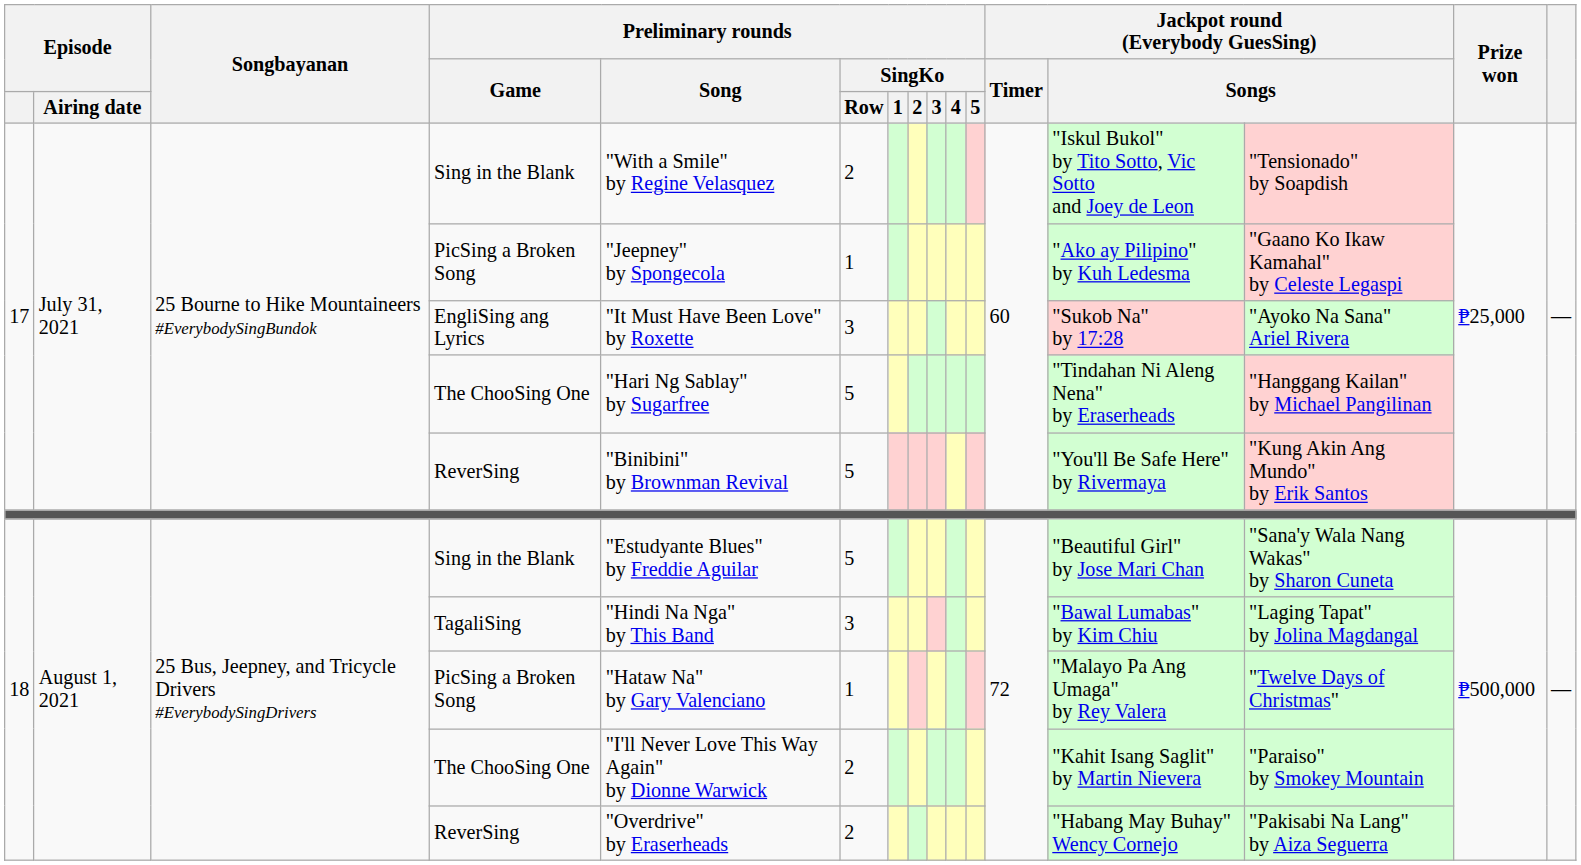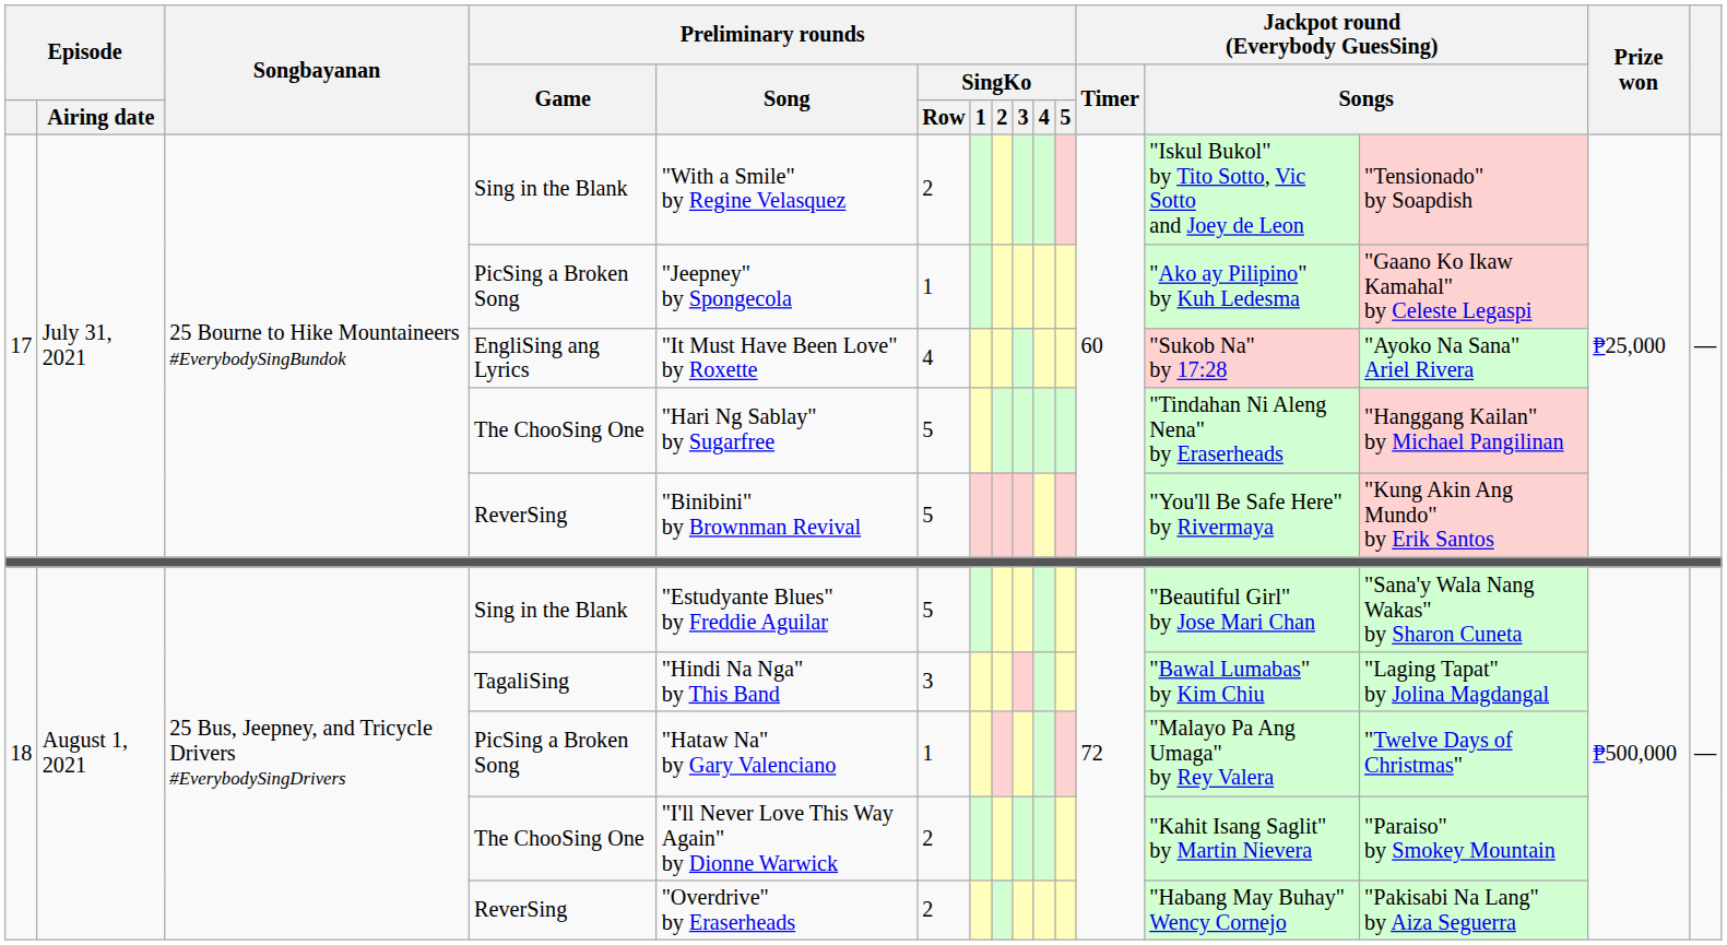 <table class="wikitable plainrowheaders mw-collapsible ">
 <tr>
 <th colspan="2" rowspan="2">Episode</th>
 <th rowspan="3">Songbayanan</th>
 <th colspan="8">Preliminary rounds</th>
 <th colspan="3">Jackpot round<br>(Everybody GuesSing)</th>
 <th rowspan="3">Prize won</th>
 <th rowspan="3"></th>
 </tr>
 <tr>
 <th rowspan="2">Game</th>
 <th rowspan="2">Song</th>
 <th colspan="6">SingKo</th>
 <th rowspan="2">Timer</th>
 <th colspan="2" rowspan="2">Songs</th>
 </tr>
 <tr>
 <th></th>
 <th>Airing date</th>
 <th>Row</th>
 <th>1</th>
 <th>2</th>
 <th>3</th>
 <th>4</th>
 <th>5</th>
 </tr>
 <tr>
 <td rowspan="5">17</td>
 <td rowspan="5">July 31, 2021</td>
 <td rowspan="5">25 Bourne to Hike Mountaineers<br><small><em>#EverybodySingBundok</em></small></td>
 <td>Sing in the Blank</td>
 <td>"With a Smile"<br>by <a href='#'>Regine Velasquez</a></td>
 <td>2</td>
 <td style="background:#D2FFD2"></td>
 <td style="background:#FFB"></td>
 <td style="background:#D2FFD2"></td>
 <td style="background:#D2FFD2"></td>
 <td style="background:#FFD2D2"></td>
 <td rowspan="5">60 </td>
 <td style="background:#D2FFD2">"Iskul Bukol"<br>by <a href='#'>Tito Sotto</a>, <a href='#'>Vic Sotto</a><br> and <a href='#'>Joey de Leon</a></td>
 <td style="background:#FFD2D2">"Tensionado"<br>by Soapdish</td>
 <td rowspan="5"><a href='#'>₱</a>25,000</td>
 <td rowspan="5">—</td>
 </tr>
 <tr>
 <td>PicSing a Broken Song</td>
 <td>"Jeepney"<br>by <a href='#'>Spongecola</a></td>
 <td>1</td>
 <td style="background:#D2FFD2"></td>
 <td style="background:#FFB"></td>
 <td style="background:#FFB"></td>
 <td style="background:#FFB"></td>
 <td style="background:#FFB"></td>
 <td style="background:#D2FFD2">"<a href='#'>Ako ay Pilipino</a>"<br>by <a href='#'>Kuh Ledesma</a></td>
 <td style="background:#FFD2D2">"Gaano Ko Ikaw Kamahal"<br>by <a href='#'>Celeste Legaspi</a></td>
 </tr>
 <tr>
 <td>EngliSing ang Lyrics</td>
 <td>"It Must Have Been Love"<br>by <a href='#'>Roxette</a></td>
-<td>3</td>
+<td>4</td>
 <td style="background:#FFB"></td>
 <td style="background:#FFB"></td>
 <td style="background:#D2FFD2"></td>
 <td style="background:#FFB"></td>
 <td style="background:#FFB"></td>
 <td style="background:#FFD2D2">"Sukob Na"<br>by <a href='#'>17:28</a></td>
 <td style="background:#D2FFD2">"Ayoko Na Sana"<br><a href='#'>Ariel Rivera</a></td>
 </tr>
 <tr>
 <td>The ChooSing One</td>
 <td>"Hari Ng Sablay"<br>by <a href='#'>Sugarfree</a></td>
 <td>5</td>
 <td style="background:#FFB"></td>
 <td style="background:#D2FFD2"></td>
 <td style="background:#D2FFD2"></td>
 <td style="background:#D2FFD2"></td>
 <td style="background:#D2FFD2"></td>
 <td style="background:#D2FFD2">"Tindahan Ni Aleng Nena"<br>by <a href='#'>Eraserheads</a></td>
 <td style="background:#FFD2D2">"Hanggang Kailan"<br>by <a href='#'>Michael Pangilinan</a></td>
 </tr>
 <tr>
 <td>ReverSing</td>
 <td>"Binibini"<br>by <a href='#'>Brownman Revival</a></td>
 <td>5</td>
 <td style="background:#FFD2D2"></td>
 <td style="background:#FFD2D2"></td>
 <td style="background:#FFD2D2"></td>
 <td style="background:#FFB"></td>
 <td style="background:#FFD2D2"></td>
 <td style="background:#D2FFD2">"You'll Be Safe Here"<br>by <a href='#'>Rivermaya</a></td>
 <td style="background:#FFD2D2">"Kung Akin Ang Mundo"<br>by <a href='#'>Erik Santos</a></td>
 </tr>
 <tr>
 <th colspan="16" style="background:#555"></th>
 </tr>
 <tr>
 <td rowspan="9">18</td>
 <td rowspan="9">August 1, 2021</td>
 <td rowspan="9">25 Bus, Jeepney, and Tricycle Drivers<br><em><small>#EverybodySingDrivers</small></em></td>
 <td>Sing in the Blank</td>
 <td>"Estudyante Blues"<br>by <a href='#'>Freddie Aguilar</a></td>
 <td>5</td>
 <td style="background:#D2FFD2"></td>
 <td style="background:#FFB"></td>
 <td style="background:#FFB"></td>
 <td style="background:#D2FFD2"></td>
 <td style="background:#FFB"></td>
 <td rowspan="5">72 </td>
 <td style="background:#D2FFD2">"Beautiful Girl"<br>by <a href='#'>Jose Mari Chan</a></td>
 <td style="background:#D2FFD2">"Sana'y Wala Nang Wakas"<br>by <a href='#'>Sharon Cuneta</a></td>
 <td rowspan="5"><a href='#'>₱</a>500,000</td>
 <td rowspan="5">—</td>
 </tr>
 <tr>
 <td>TagaliSing</td>
 <td>"Hindi Na Nga"<br>by <a href='#'>This Band</a></td>
 <td>3</td>
 <td style="background:#FFB"></td>
 <td style="background:#FFB"></td>
 <td style="background:#FFD2D2"></td>
 <td style="background:#D2FFD2"></td>
 <td style="background:#FFB"></td>
 <td style="background:#D2FFD2">"<a href='#'>Bawal Lumabas</a>"<br>by <a href='#'>Kim Chiu</a></td>
 <td style="background:#D2FFD2">"Laging Tapat"<br>by <a href='#'>Jolina Magdangal</a></td>
 </tr>
 <tr>
 <td>PicSing a Broken Song</td>
 <td>"Hataw Na"<br>by <a href='#'>Gary Valenciano</a></td>
 <td>1</td>
 <td style="background:#FFB"></td>
 <td style="background:#FFD2D2"></td>
 <td style="background:#FFB"></td>
 <td style="background:#D2FFD2"></td>
 <td style="background:#FFD2D2"></td>
 <td style="background:#D2FFD2">"Malayo Pa Ang Umaga"<br>by <a href='#'>Rey Valera</a></td>
 <td style="background:#D2FFD2">"<a href='#'>Twelve Days of Christmas</a>"</td>
 </tr>
 <tr>
 <td>The ChooSing One</td>
 <td>"I'll Never Love This Way Again"<br>by <a href='#'>Dionne Warwick</a></td>
 <td>2</td>
 <td style="background:#D2FFD2"></td>
 <td style="background:#FFB"></td>
 <td style="background:#D2FFD2"></td>
 <td style="background:#D2FFD2"></td>
 <td style="background:#FFB"></td>
 <td style="background:#D2FFD2">"Kahit Isang Saglit"<br>by <a href='#'>Martin Nievera</a></td>
 <td style="background:#D2FFD2">"Paraiso"<br>by <a href='#'>Smokey Mountain</a></td>
 </tr>
 <tr>
 <td>ReverSing</td>
 <td>"Overdrive"<br>by <a href='#'>Eraserheads</a></td>
 <td>2</td>
 <td style="background:#FFB"></td>
 <td style="background:#D2FFD2"></td>
 <td style="background:#FFB"></td>
 <td style="background:#FFB"></td>
 <td style="background:#FFB"></td>
 <td style="background:#D2FFD2">"Habang May Buhay"<br><a href='#'>Wency Cornejo</a></td>
 <td style="background:#D2FFD2">"Pakisabi Na Lang"<br>by <a href='#'>Aiza Seguerra</a></td>
 </tr>
 </table>
